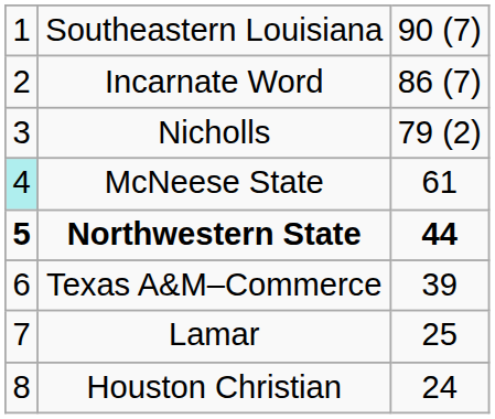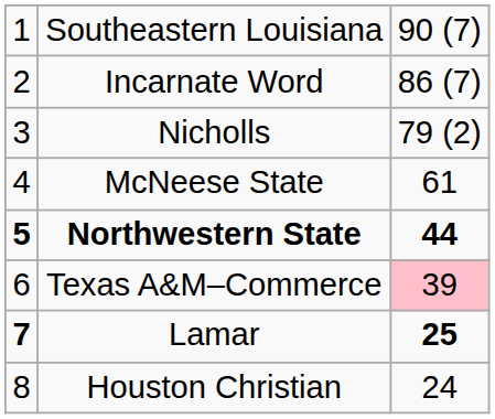 <table class="wikitable">
 <tr align="center">
 <td>1</td>
 <td>Southeastern Louisiana</td>
 <td>90 (7)</td>
 </tr>
 <tr align="center">
 <td>2</td>
 <td>Incarnate Word</td>
 <td>86 (7)</td>
 </tr>
 <tr align="center">
 <td>3</td>
 <td>Nicholls</td>
 <td>79 (2)</td>
 </tr>
 <tr align="center">
-<td style="background: paleturquoise;">4</td>
+<td>4</td>
 <td>McNeese State</td>
 <td>61</td>
 </tr>
 <tr align="center">
 <td><strong>5</strong></td>
 <td><strong>Northwestern State</strong></td>
 <td><strong>44</strong></td>
 </tr>
 <tr align="center">
 <td>6</td>
 <td>Texas A&M–Commerce</td>
-<td>39</td>
+<td style="background: pink;">39</td>
 </tr>
 <tr align="center">
-<td>7</td>
+<td><strong>7</strong></td>
 <td>Lamar</td>
-<td>25</td>
+<td><strong>25</strong></td>
 </tr>
 <tr align="center">
 <td>8</td>
 <td>Houston Christian</td>
 <td>24</td>
 </tr>
 </table>
